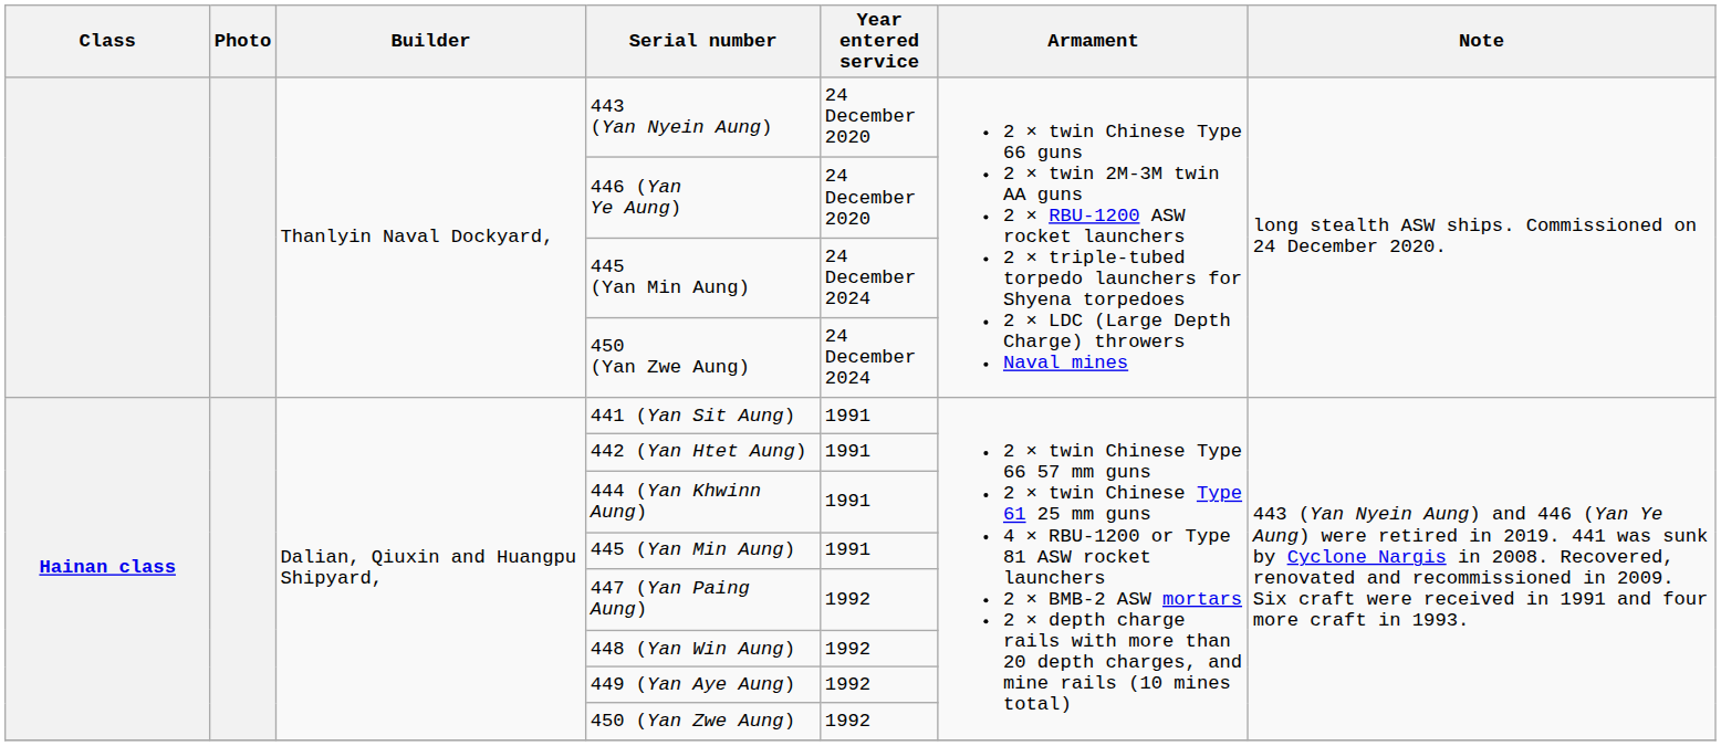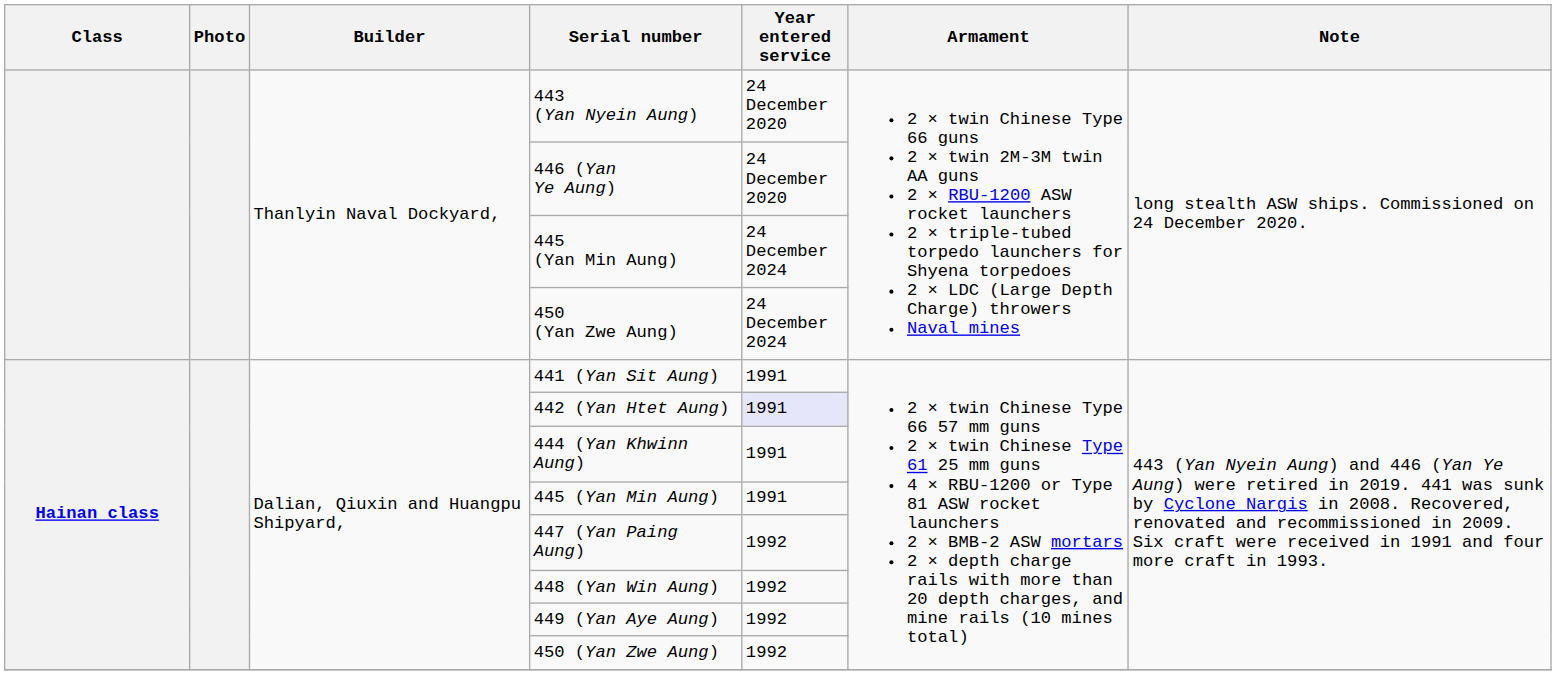 <table class="wikitable" style="font-size:97%; width:90%">
 <tr>
 <th scope="col" style="width: 130px;">Class</th>
 <th>Photo</th>
 <th scope="col" style="width: 200px;">Builder</th>
 <th scope="col" style="width: 150px;">Serial number</th>
 <th>Year entered service</th>
 <th scope="col" style="width: 200px;">Armament</th>
 <th>Note</th>
 </tr>
 <tr>
 <th rowspan="4"></th>
 <th rowspan="4"></th>
 <td rowspan="4">Thanlyin Naval Dockyard, </td>
 <td>443<br>(<em>Yan Nyein Aung</em>)</td>
 <td>24 December 2020</td>
 <td rowspan="4"><br><ul><li>2 × twin Chinese Type 66  guns</li><li>2 × twin 2M-3M  twin AA guns</li><li>2 × <a href='#'>RBU-1200</a> ASW rocket launchers</li><li>2 × triple-tubed torpedo launchers for Shyena torpedoes</li><li>2 × LDC (Large Depth Charge) throwers</li><li><a href='#'>Naval mines</a></li></ul></td>
 <td rowspan="4"> long stealth ASW ships. Commissioned on 24 December 2020.</td>
 </tr>
 <tr>
 <td>446 (<em>Yan</em><br><em>Ye Aung</em>)</td>
 <td>24 December 2020</td>
 </tr>
 <tr>
 <td>445<br>(Yan  Min Aung)</td>
 <td>24 December 2024</td>
 </tr>
 <tr>
 <td>450<br>(Yan Zwe Aung) </td>
 <td>24 December 2024</td>
 </tr>
 <tr>
 <th rowspan="8"><a href='#'>Hainan class</a></th>
 <th rowspan="8"></th>
 <td rowspan="8">Dalian, Qiuxin and Huangpu Shipyard, </td>
 <td>441 (<em>Yan Sit Aung</em>)</td>
 <td>1991</td>
 <td rowspan="8"><br><ul><li>2 × twin Chinese Type 66 57 mm guns</li><li>2 × twin Chinese <a href='#'>Type 61</a> 25 mm guns</li><li>4 × RBU-1200 or Type 81 ASW rocket launchers</li><li>2 × BMB-2 ASW <a href='#'>mortars</a></li><li>2 × depth charge rails with more than 20 depth charges, and mine rails (10 mines total)</li></ul></td>
 <td rowspan="8">443 (<em>Yan Nyein Aung</em>) and 446 (<em>Yan Ye Aung</em>) were retired in 2019. 441 was sunk by <a href='#'>Cyclone Nargis</a> in 2008. Recovered, renovated and recommissioned in 2009. Six craft were received in 1991 and four more craft in 1993.</td>
 </tr>
 <tr>
 <td>442 (<em>Yan Htet Aung</em>)</td>
-<td>1991</td>
+<td style="background: lavender;">1991</td>
 </tr>
 <tr>
 <td>444 (<em>Yan Khwinn Aung</em>)</td>
 <td>1991</td>
 </tr>
 <tr>
 <td>445 (<em>Yan Min Aung</em>)</td>
 <td>1991</td>
 </tr>
 <tr>
 <td>447 (<em>Yan Paing Aung</em>)</td>
 <td>1992</td>
 </tr>
 <tr>
 <td>448 (<em>Yan Win Aung</em>)</td>
 <td>1992</td>
 </tr>
 <tr>
 <td>449 (<em>Yan Aye Aung</em>)</td>
 <td>1992</td>
 </tr>
 <tr>
 <td>450 (<em>Yan Zwe Aung</em>)</td>
 <td>1992</td>
 </tr>
 <tr>
 </tr>
 </table>
